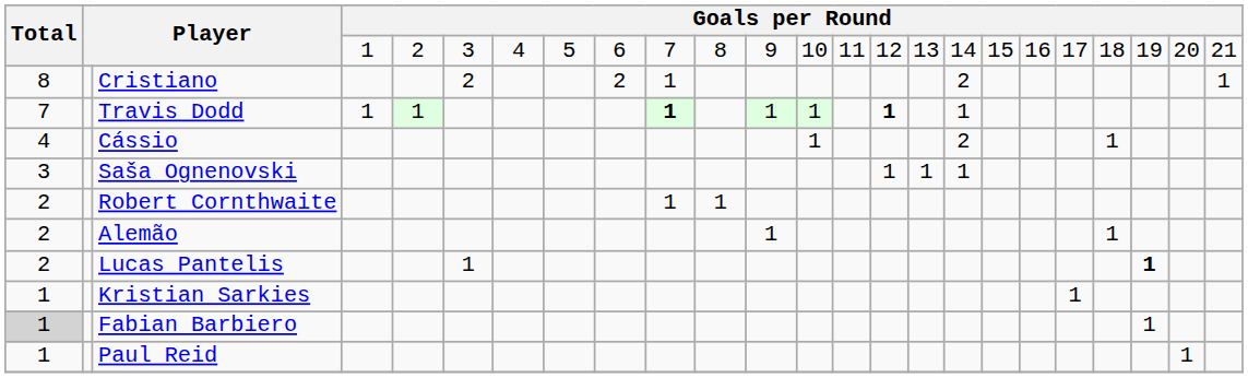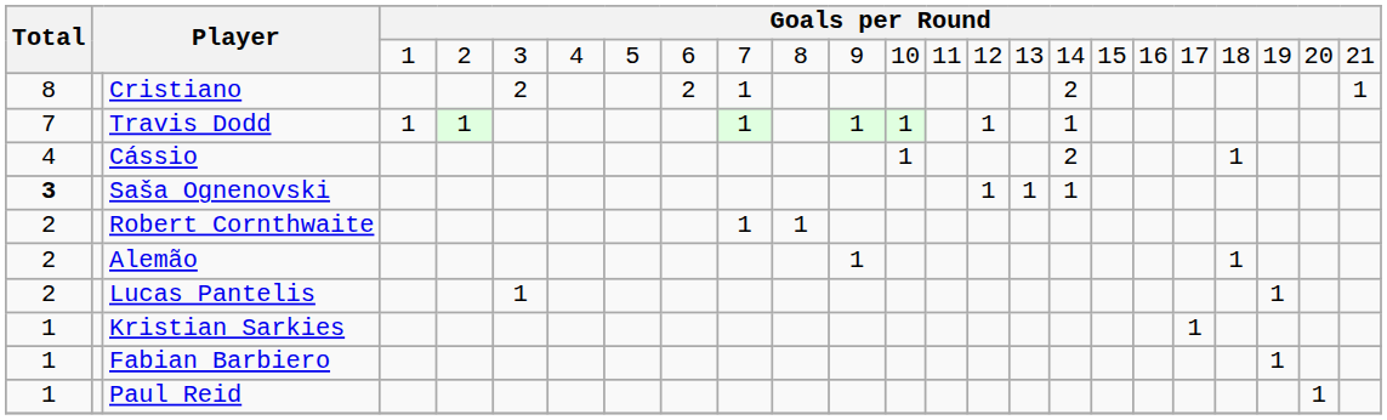 <table class="wikitable" style="text-align:center; line-height: 90%; font-size:90%;">
 <tr>
 <th rowspan="2">Total</th>
 <th rowspan="2" colspan="2">Player</th>
 <th colspan="21">Goals per Round</th>
 </tr>
 <tr>
 <td> 1 </td>
 <td> 2 </td>
 <td> 3 </td>
 <td> 4 </td>
 <td> 5 </td>
 <td> 6 </td>
 <td> 7 </td>
 <td> 8 </td>
 <td> 9 </td>
 <td>10</td>
 <td>11</td>
 <td>12</td>
 <td>13</td>
 <td>14</td>
 <td>15</td>
 <td>16</td>
 <td>17</td>
 <td>18</td>
 <td>19</td>
 <td>20</td>
 <td>21</td>
 </tr>
 <tr>
 <td>8</td>
 <td></td>
 <td style="text-align:left;"><a href='#'>Cristiano</a></td>
 <td></td>
 <td></td>
 <td>2</td>
 <td></td>
 <td></td>
 <td>2</td>
 <td>1</td>
 <td></td>
 <td></td>
 <td></td>
 <td></td>
 <td></td>
 <td></td>
 <td>2</td>
 <td></td>
 <td></td>
 <td></td>
 <td></td>
 <td></td>
 <td></td>
 <td>1</td>
 </tr>
 <tr>
 <td>7</td>
 <td></td>
 <td style="text-align:left;"><a href='#'>Travis Dodd</a></td>
 <td>1</td>
 <td style="background:#e0ffe0;">1</td>
 <td></td>
 <td></td>
 <td></td>
 <td></td>
-<td style="background:#e0ffe0;"><strong>1</strong></td>
+<td style="background:#e0ffe0;">1</td>
 <td></td>
 <td style="background:#e0ffe0;">1</td>
 <td style="background:#e0ffe0;">1</td>
 <td></td>
-<td><strong>1</strong></td>
+<td>1</td>
 <td></td>
 <td>1</td>
 <td></td>
 <td></td>
 <td></td>
 <td></td>
 <td></td>
 <td></td>
 <td></td>
 </tr>
 <tr>
 <td>4</td>
 <td></td>
 <td style="text-align:left;"><a href='#'>Cássio</a></td>
 <td></td>
 <td></td>
 <td></td>
 <td></td>
 <td></td>
 <td></td>
 <td></td>
 <td></td>
 <td></td>
 <td>1</td>
 <td></td>
 <td></td>
 <td></td>
 <td>2</td>
 <td></td>
 <td></td>
 <td></td>
 <td>1</td>
 <td></td>
 <td></td>
 <td></td>
 </tr>
 <tr>
-<td>3</td>
+<td><strong>3</strong></td>
 <td></td>
 <td style="text-align:left;"><a href='#'>Saša Ognenovski</a></td>
 <td></td>
 <td></td>
 <td></td>
 <td></td>
 <td></td>
 <td></td>
 <td></td>
 <td></td>
 <td></td>
 <td></td>
 <td></td>
 <td>1</td>
 <td>1</td>
 <td>1</td>
 <td></td>
 <td></td>
 <td></td>
 <td></td>
 <td></td>
 <td></td>
 <td></td>
 </tr>
 <tr>
 <td>2</td>
 <td></td>
 <td style="text-align:left;"><a href='#'>Robert Cornthwaite</a></td>
 <td></td>
 <td></td>
 <td></td>
 <td></td>
 <td></td>
 <td></td>
 <td>1</td>
 <td>1</td>
 <td></td>
 <td></td>
 <td></td>
 <td></td>
 <td></td>
 <td></td>
 <td></td>
 <td></td>
 <td></td>
 <td></td>
 <td></td>
 <td></td>
 <td></td>
 </tr>
 <tr>
 <td>2</td>
 <td></td>
 <td style="text-align:left;"><a href='#'>Alemão</a></td>
 <td></td>
 <td></td>
 <td></td>
 <td></td>
 <td></td>
 <td></td>
 <td></td>
 <td></td>
 <td>1</td>
 <td></td>
 <td></td>
 <td></td>
 <td></td>
 <td></td>
 <td></td>
 <td></td>
 <td></td>
 <td>1</td>
 <td></td>
 <td></td>
 <td></td>
 </tr>
 <tr>
 <td>2</td>
 <td></td>
 <td style="text-align:left;"><a href='#'>Lucas Pantelis</a></td>
 <td></td>
 <td></td>
 <td>1</td>
 <td></td>
 <td></td>
 <td></td>
 <td></td>
 <td></td>
 <td></td>
 <td></td>
 <td></td>
 <td></td>
 <td></td>
 <td></td>
 <td></td>
 <td></td>
 <td></td>
 <td></td>
-<td><strong>1</strong></td>
+<td>1</td>
 <td></td>
 <td></td>
 </tr>
 <tr>
 <td>1</td>
 <td></td>
 <td style="text-align:left;"><a href='#'>Kristian Sarkies</a></td>
 <td></td>
 <td></td>
 <td></td>
 <td></td>
 <td></td>
 <td></td>
 <td></td>
 <td></td>
 <td></td>
 <td></td>
 <td></td>
 <td></td>
 <td></td>
 <td></td>
 <td></td>
 <td></td>
 <td>1</td>
 <td></td>
 <td></td>
 <td></td>
 <td></td>
 </tr>
 <tr>
-<td style="background: lightgrey;">1</td>
+<td>1</td>
 <td></td>
 <td style="text-align:left;"><a href='#'>Fabian Barbiero</a></td>
 <td></td>
 <td></td>
 <td></td>
 <td></td>
 <td></td>
 <td></td>
 <td></td>
 <td></td>
 <td></td>
 <td></td>
 <td></td>
 <td></td>
 <td></td>
 <td></td>
 <td></td>
 <td></td>
 <td></td>
 <td></td>
 <td>1</td>
 <td></td>
 <td></td>
 </tr>
 <tr>
 <td>1</td>
 <td></td>
 <td style="text-align:left;"><a href='#'>Paul Reid</a></td>
 <td></td>
 <td></td>
 <td></td>
 <td></td>
 <td></td>
 <td></td>
 <td></td>
 <td></td>
 <td></td>
 <td></td>
 <td></td>
 <td></td>
 <td></td>
 <td></td>
 <td></td>
 <td></td>
 <td></td>
 <td></td>
 <td></td>
 <td>1</td>
 <td></td>
 </tr>
 <tr>
 </tr>
 </table>
